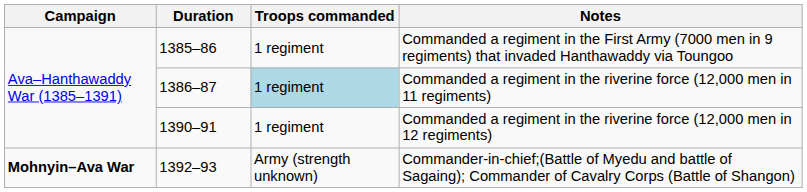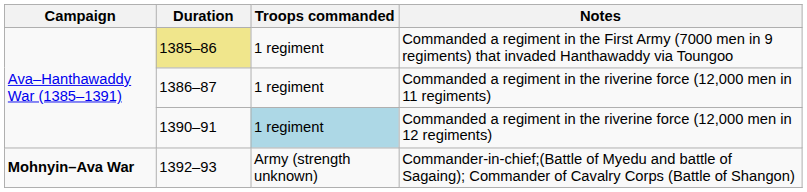 <table class="wikitable" border="1">
 <tr>
 <th width=10%>Campaign</th>
 <th width=5%>Duration</th>
 <th width=10%>Troops commanded</th>
 <th width=30%>Notes</th>
 </tr>
 <tr>
 <td rowspan= 3><a href='#'>Ava–Hanthawaddy War (1385–1391)</a></td>
-<td>1385–86</td>
+<td style="background: khaki;">1385–86</td>
 <td>1 regiment</td>
 <td>Commanded a regiment in the First Army (7000 men in 9 regiments) that invaded Hanthawaddy via Toungoo</td>
 </tr>
 <tr>
 <td>1386–87</td>
-<td style="background: lightblue;">1 regiment</td>
+<td>1 regiment</td>
 <td>Commanded a regiment in the riverine force (12,000 men in 11 regiments)</td>
 </tr>
 <tr>
 <td>1390–91</td>
-<td>1 regiment</td>
+<td style="background: lightblue;">1 regiment</td>
 <td>Commanded a regiment in the riverine force (12,000 men in 12 regiments)</td>
 </tr>
 <tr>
 <td><strong>Mohnyin–Ava War</strong></td>
 <td>1392–93</td>
 <td>Army (strength unknown)</td>
 <td>Commander-in-chief;(Battle of Myedu and battle of Sagaing); Commander of Cavalry Corps (Battle of Shangon)</td>
 </tr>
 </table>
